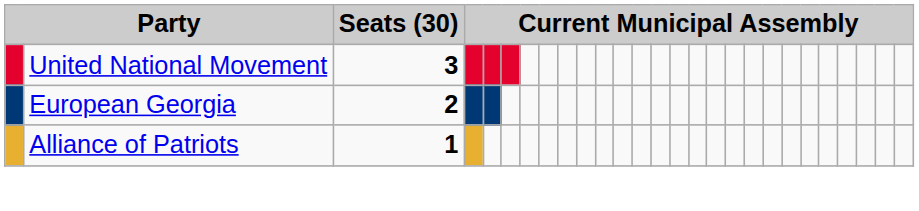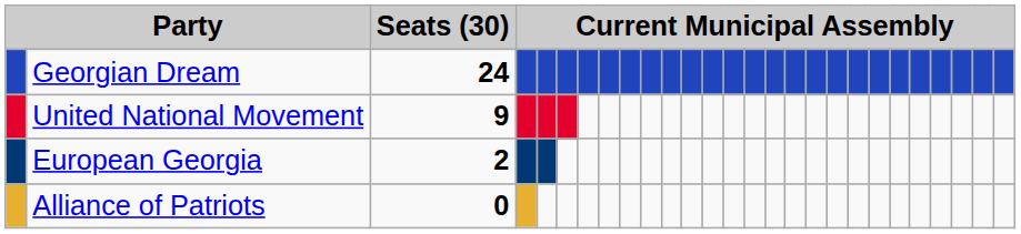 <table class="wikitable">
 <tr>
 <th style="background:#ccc" colspan="2">Party</th>
 <th style="background:#ccc">Seats (30)</th>
 <th style="background:#ccc" colspan="24">Current Municipal Assembly</th>
 </tr>
 <tr>
+<td style="background-color: #2044BC"> </td>
+<td><a href='#'>Georgian Dream</a></td>
+<td style="text-align: right"><strong>24</strong></td>
+<td style="background-color: #2044BC"></td>
+<td style="background-color: #2044BC"> </td>
+<td style="background-color: #2044BC"> </td>
+<td style="background-color: #2044BC"> </td>
+<td style="background-color: #2044BC"> </td>
+<td style="background-color: #2044BC"> </td>
+<td style="background-color: #2044BC"> </td>
+<td style="background-color: #2044BC"> </td>
+<td style="background-color: #2044BC"> </td>
+<td style="background-color: #2044BC"> </td>
+<td style="background-color: #2044BC"> </td>
+<td style="background-color: #2044BC"> </td>
+<td style="background-color: #2044BC"> </td>
+<td style="background-color: #2044BC"> </td>
+<td style="background-color: #2044BC"> </td>
+<td style="background-color: #2044BC"> </td>
+<td style="background-color: #2044BC"> </td>
+<td style="background-color: #2044BC"> </td>
+<td style="background-color: #2044BC"> </td>
+<td style="background-color: #2044BC"> </td>
+<td style="background-color: #2044BC"> </td>
+<td style="background-color: #2044BC"> </td>
+<td style="background-color: #2044BC"> </td>
+<td style="background-color: #2044BC"> </td>
+</tr>
+<tr>
 <td style="background-color: #e4012e"> </td>
 <td><a href='#'>United National Movement</a></td>
-<td style="text-align: right"><strong>3</strong></td>
+<td style="text-align: right"><strong>9</strong></td>
 <td style="background-color: #e4012e"> </td>
 <td style="background-color: #e4012e"> </td>
 <td style="background-color: #e4012e"> </td>
 <td> </td>
 <td> </td>
 <td> </td>
 <td> </td>
 <td> </td>
 <td> </td>
 <td> </td>
 <td> </td>
 <td> </td>
 <td> </td>
 <td> </td>
 <td> </td>
 <td> </td>
 <td> </td>
 <td> </td>
 <td> </td>
 <td> </td>
 <td> </td>
 <td> </td>
 <td> </td>
 <td> </td>
 </tr>
 <tr>
 <td style="background-color: #003876"> </td>
 <td><a href='#'>European Georgia</a></td>
 <td style="text-align: right"><strong>2</strong></td>
 <td style="background-color: #003876"> </td>
 <td style="background-color: #003876"> </td>
 <td> </td>
 <td> </td>
 <td> </td>
 <td> </td>
 <td> </td>
 <td> </td>
 <td> </td>
 <td> </td>
 <td> </td>
 <td> </td>
 <td> </td>
 <td> </td>
 <td> </td>
 <td> </td>
 <td> </td>
 <td> </td>
 <td> </td>
 <td> </td>
 <td> </td>
 <td> </td>
 <td> </td>
 <td> </td>
 </tr>
 <tr>
 <td style="background-color: #e7b031"> </td>
 <td><a href='#'>Alliance of Patriots</a></td>
-<td style="text-align: right"><strong>1</strong></td>
+<td style="text-align: right"><strong>0</strong></td>
 <td style="background-color: #e7b031"> </td>
 <td> </td>
 <td> </td>
 <td> </td>
 <td> </td>
 <td> </td>
 <td> </td>
 <td> </td>
 <td> </td>
 <td> </td>
 <td> </td>
 <td> </td>
 <td> </td>
 <td> </td>
 <td> </td>
 <td> </td>
 <td> </td>
 <td> </td>
 <td> </td>
 <td> </td>
 <td> </td>
 <td> </td>
 <td> </td>
 <td> </td>
 </tr>
 </table>
